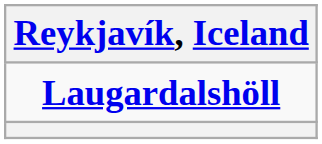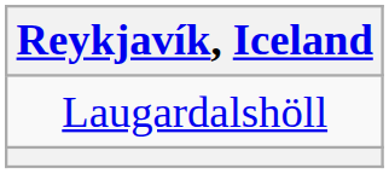 <table class="wikitable", style="text-align:center">
 <tr>
 <th><a href='#'>Reykjavík</a>, <a href='#'>Iceland</a></th>
 </tr>
 <tr>
-<td><strong><a href='#'>Laugardalshöll</a></strong></td>
+<td><a href='#'>Laugardalshöll</a></td>
 </tr>
 <tr>
 <th></th>
 </tr>
 </table>
